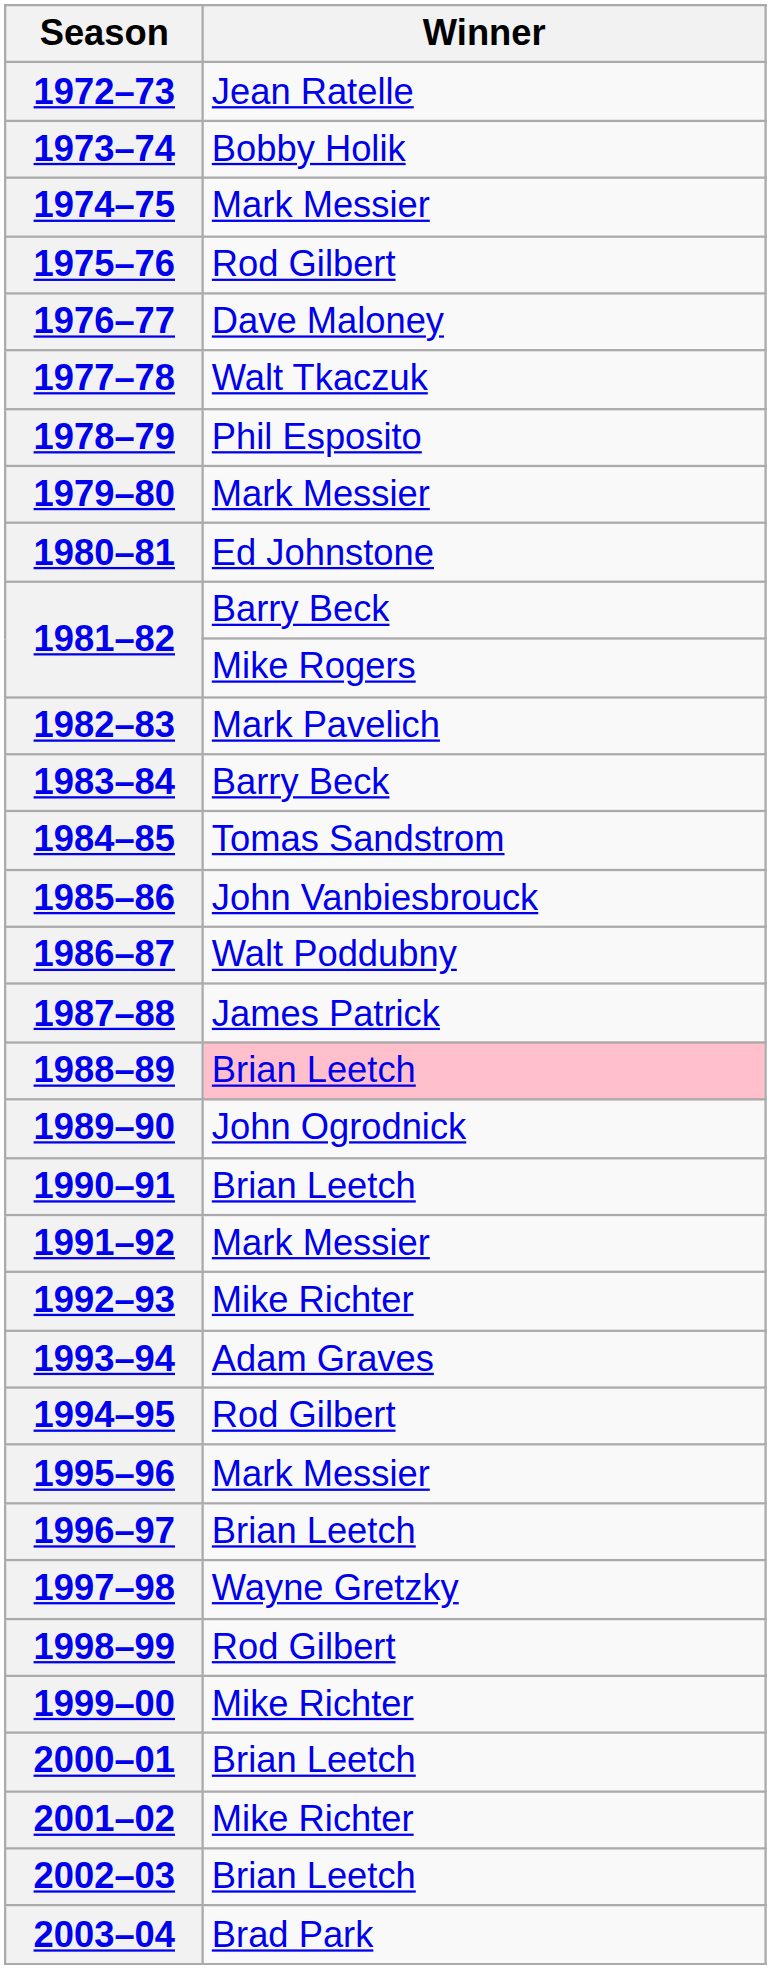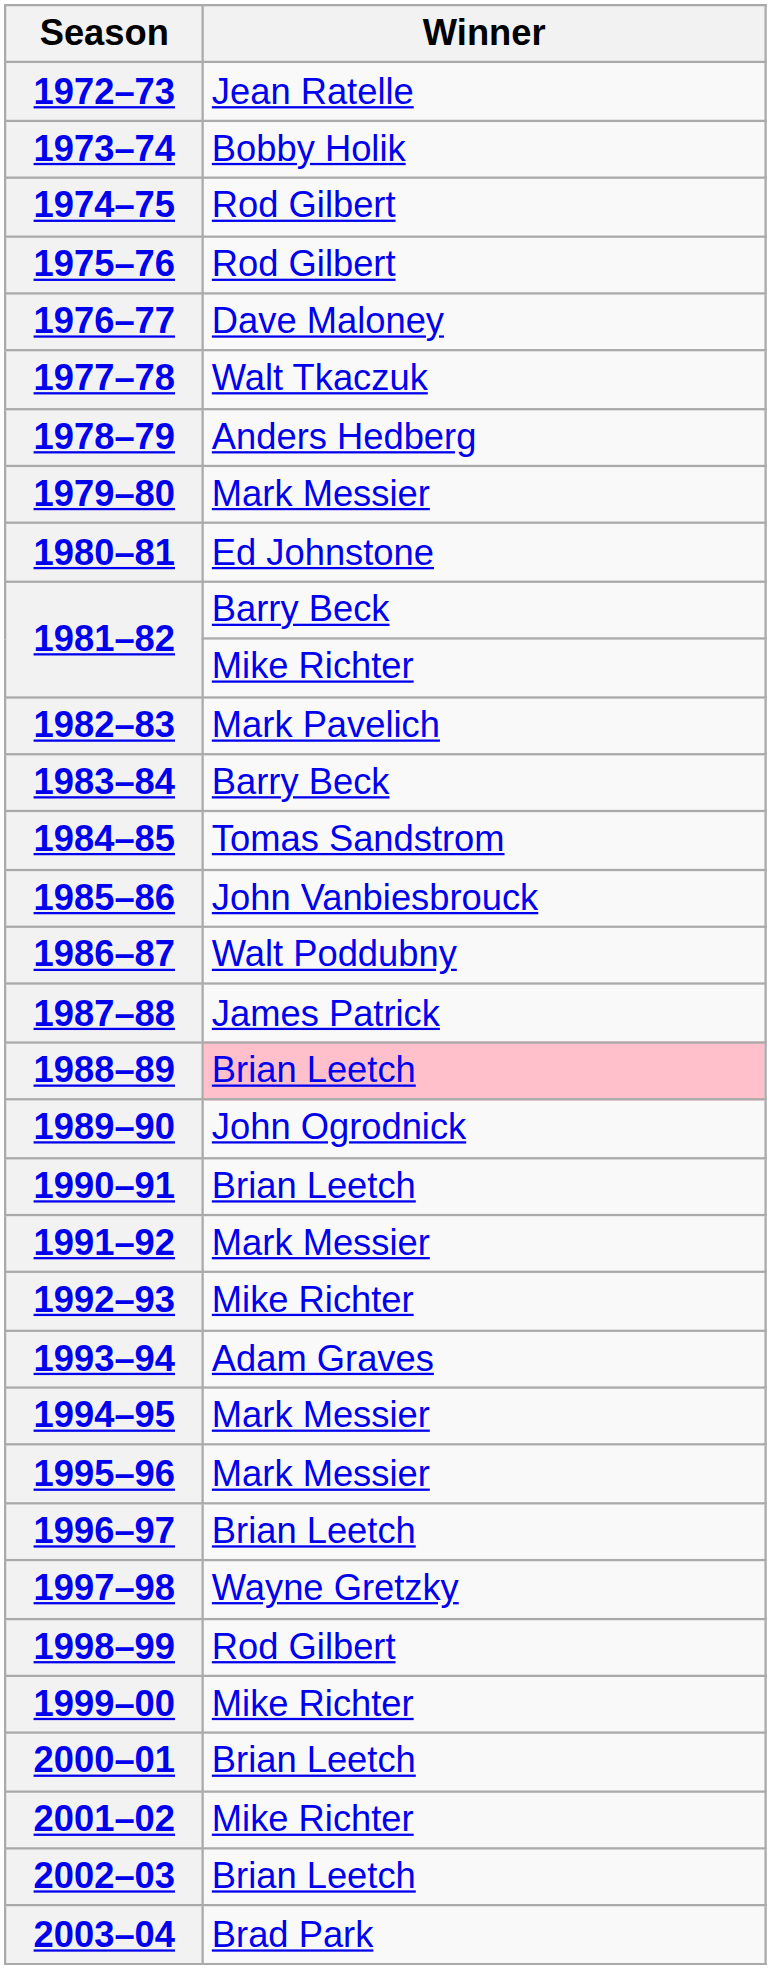 <table class="wikitable">
 <tr>
 <th scope="col" style="width:5em">Season</th>
 <th scope="col" style="width:15em">Winner</th>
 </tr>
 <tr>
 <th scope="row"><a href='#'>1972–73</a></th>
 <td><a href='#'>Jean Ratelle</a></td>
 </tr>
 <tr>
 <th scope="row"><a href='#'>1973–74</a></th>
 <td><a href='#'>Bobby Holik</a></td>
 </tr>
 <tr>
 <th scope="row"><a href='#'>1974–75</a></th>
-<td><a href='#'>Mark Messier</a></td>
+<td><a href='#'>Rod Gilbert</a></td>
 </tr>
 <tr>
 <th scope="row"><a href='#'>1975–76</a></th>
 <td><a href='#'>Rod Gilbert</a></td>
 </tr>
 <tr>
 <th scope="row"><a href='#'>1976–77</a></th>
 <td><a href='#'>Dave Maloney</a></td>
 </tr>
 <tr>
 <th scope="row"><a href='#'>1977–78</a></th>
 <td><a href='#'>Walt Tkaczuk</a></td>
 </tr>
 <tr>
 <th scope="row"><a href='#'>1978–79</a></th>
-<td><a href='#'>Phil Esposito</a></td>
+<td><a href='#'>Anders Hedberg</a></td>
 </tr>
 <tr>
 <th scope="row"><a href='#'>1979–80</a></th>
 <td><a href='#'>Mark Messier</a></td>
 </tr>
 <tr>
 <th scope="row"><a href='#'>1980–81</a></th>
 <td><a href='#'>Ed Johnstone</a></td>
 </tr>
 <tr>
 <th scope="row" rowspan="2"><a href='#'>1981–82</a></th>
 <td><a href='#'>Barry Beck</a></td>
 </tr>
 <tr>
-<td><a href='#'>Mike Rogers</a></td>
+<td><a href='#'>Mike Richter</a></td>
 </tr>
 <tr>
 <th scope="row"><a href='#'>1982–83</a></th>
 <td><a href='#'>Mark Pavelich</a></td>
 </tr>
 <tr>
 <th scope="row"><a href='#'>1983–84</a></th>
 <td><a href='#'>Barry Beck</a></td>
 </tr>
 <tr>
 <th scope="row"><a href='#'>1984–85</a></th>
 <td><a href='#'>Tomas Sandstrom</a></td>
 </tr>
 <tr>
 <th scope="row"><a href='#'>1985–86</a></th>
 <td><a href='#'>John Vanbiesbrouck</a></td>
 </tr>
 <tr>
 <th scope="row"><a href='#'>1986–87</a></th>
 <td><a href='#'>Walt Poddubny</a></td>
 </tr>
 <tr>
 <th scope="row"><a href='#'>1987–88</a></th>
 <td><a href='#'>James Patrick</a></td>
 </tr>
 <tr>
 <th scope="row"><a href='#'>1988–89</a></th>
 <td style="background: pink;"><a href='#'>Brian Leetch</a></td>
 </tr>
 <tr>
 <th scope="row"><a href='#'>1989–90</a></th>
 <td><a href='#'>John Ogrodnick</a></td>
 </tr>
 <tr>
 <th scope="row"><a href='#'>1990–91</a></th>
 <td><a href='#'>Brian Leetch</a></td>
 </tr>
 <tr>
 <th scope="row"><a href='#'>1991–92</a></th>
 <td><a href='#'>Mark Messier</a></td>
 </tr>
 <tr>
 <th scope="row"><a href='#'>1992–93</a></th>
 <td><a href='#'>Mike Richter</a></td>
 </tr>
 <tr>
 <th scope="row"><a href='#'>1993–94</a></th>
 <td><a href='#'>Adam Graves</a></td>
 </tr>
 <tr>
 <th scope="row"><a href='#'>1994–95</a></th>
-<td><a href='#'>Rod Gilbert</a></td>
+<td><a href='#'>Mark Messier</a></td>
 </tr>
 <tr>
 <th scope="row"><a href='#'>1995–96</a></th>
 <td><a href='#'>Mark Messier</a></td>
 </tr>
 <tr>
 <th scope="row"><a href='#'>1996–97</a></th>
 <td><a href='#'>Brian Leetch</a></td>
 </tr>
 <tr>
 <th scope="row"><a href='#'>1997–98</a></th>
 <td><a href='#'>Wayne Gretzky</a></td>
 </tr>
 <tr>
 <th scope="row"><a href='#'>1998–99</a></th>
 <td><a href='#'>Rod Gilbert</a></td>
 </tr>
 <tr>
 <th scope="row"><a href='#'>1999–00</a></th>
 <td><a href='#'>Mike Richter</a></td>
 </tr>
 <tr>
 <th scope="row"><a href='#'>2000–01</a></th>
 <td><a href='#'>Brian Leetch</a></td>
 </tr>
 <tr>
 <th scope="row"><a href='#'>2001–02</a></th>
 <td><a href='#'>Mike Richter</a></td>
 </tr>
 <tr>
 <th scope="row"><a href='#'>2002–03</a></th>
 <td><a href='#'>Brian Leetch</a></td>
 </tr>
 <tr>
 <th scope="row"><a href='#'>2003–04</a></th>
 <td><a href='#'>Brad Park</a></td>
 </tr>
 </table>
